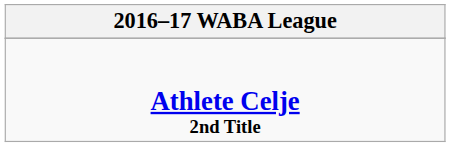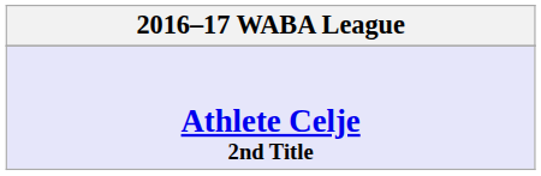 <table class="wikitable" style="margin: 0 auto; width: 30%;">
 <tr>
 <th><big>2016–17 WABA League</big><br></th>
 </tr>
 <tr>
 </tr>
 <tr>
-<td align=center><br><br><big><big><strong><a href='#'>Athlete Celje</a></strong><br></big></big><strong>2nd Title</strong></td>
+<td align=center style="background: lavender;"><br><br><big><big><strong><a href='#'>Athlete Celje</a></strong><br></big></big><strong>2nd Title</strong></td>
 </tr>
 </table>
